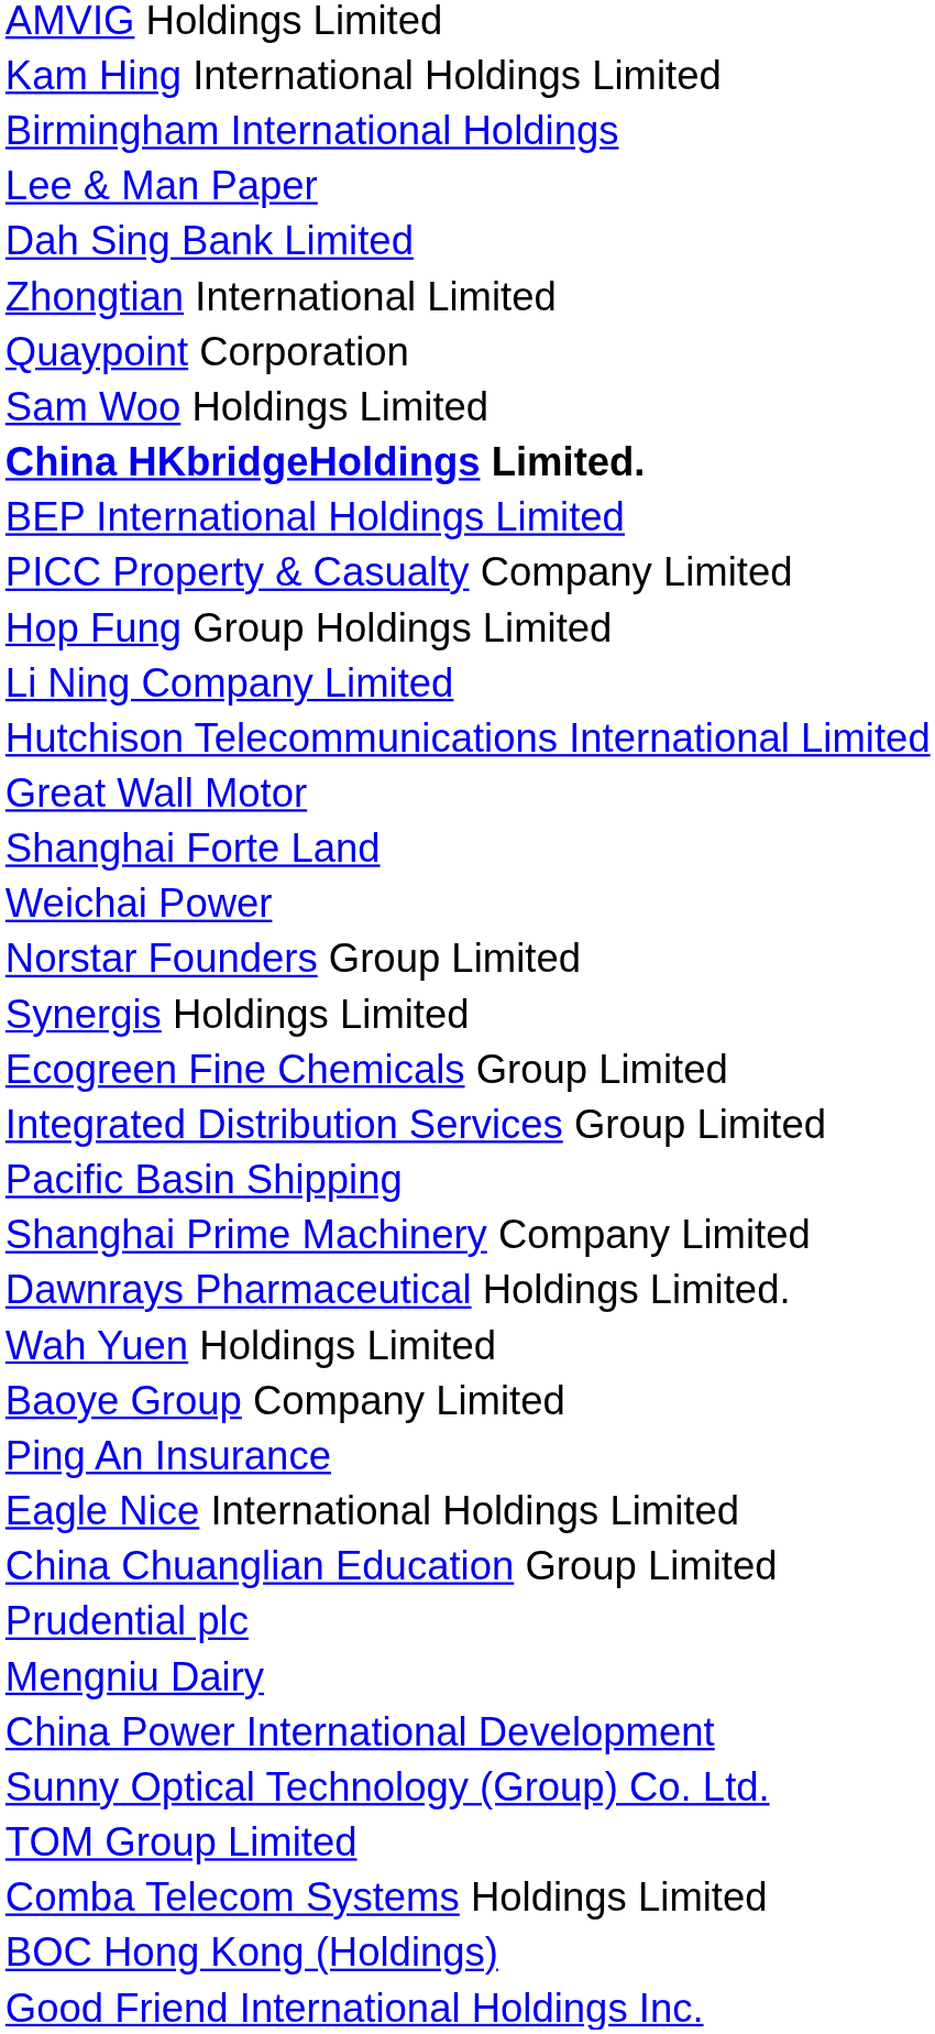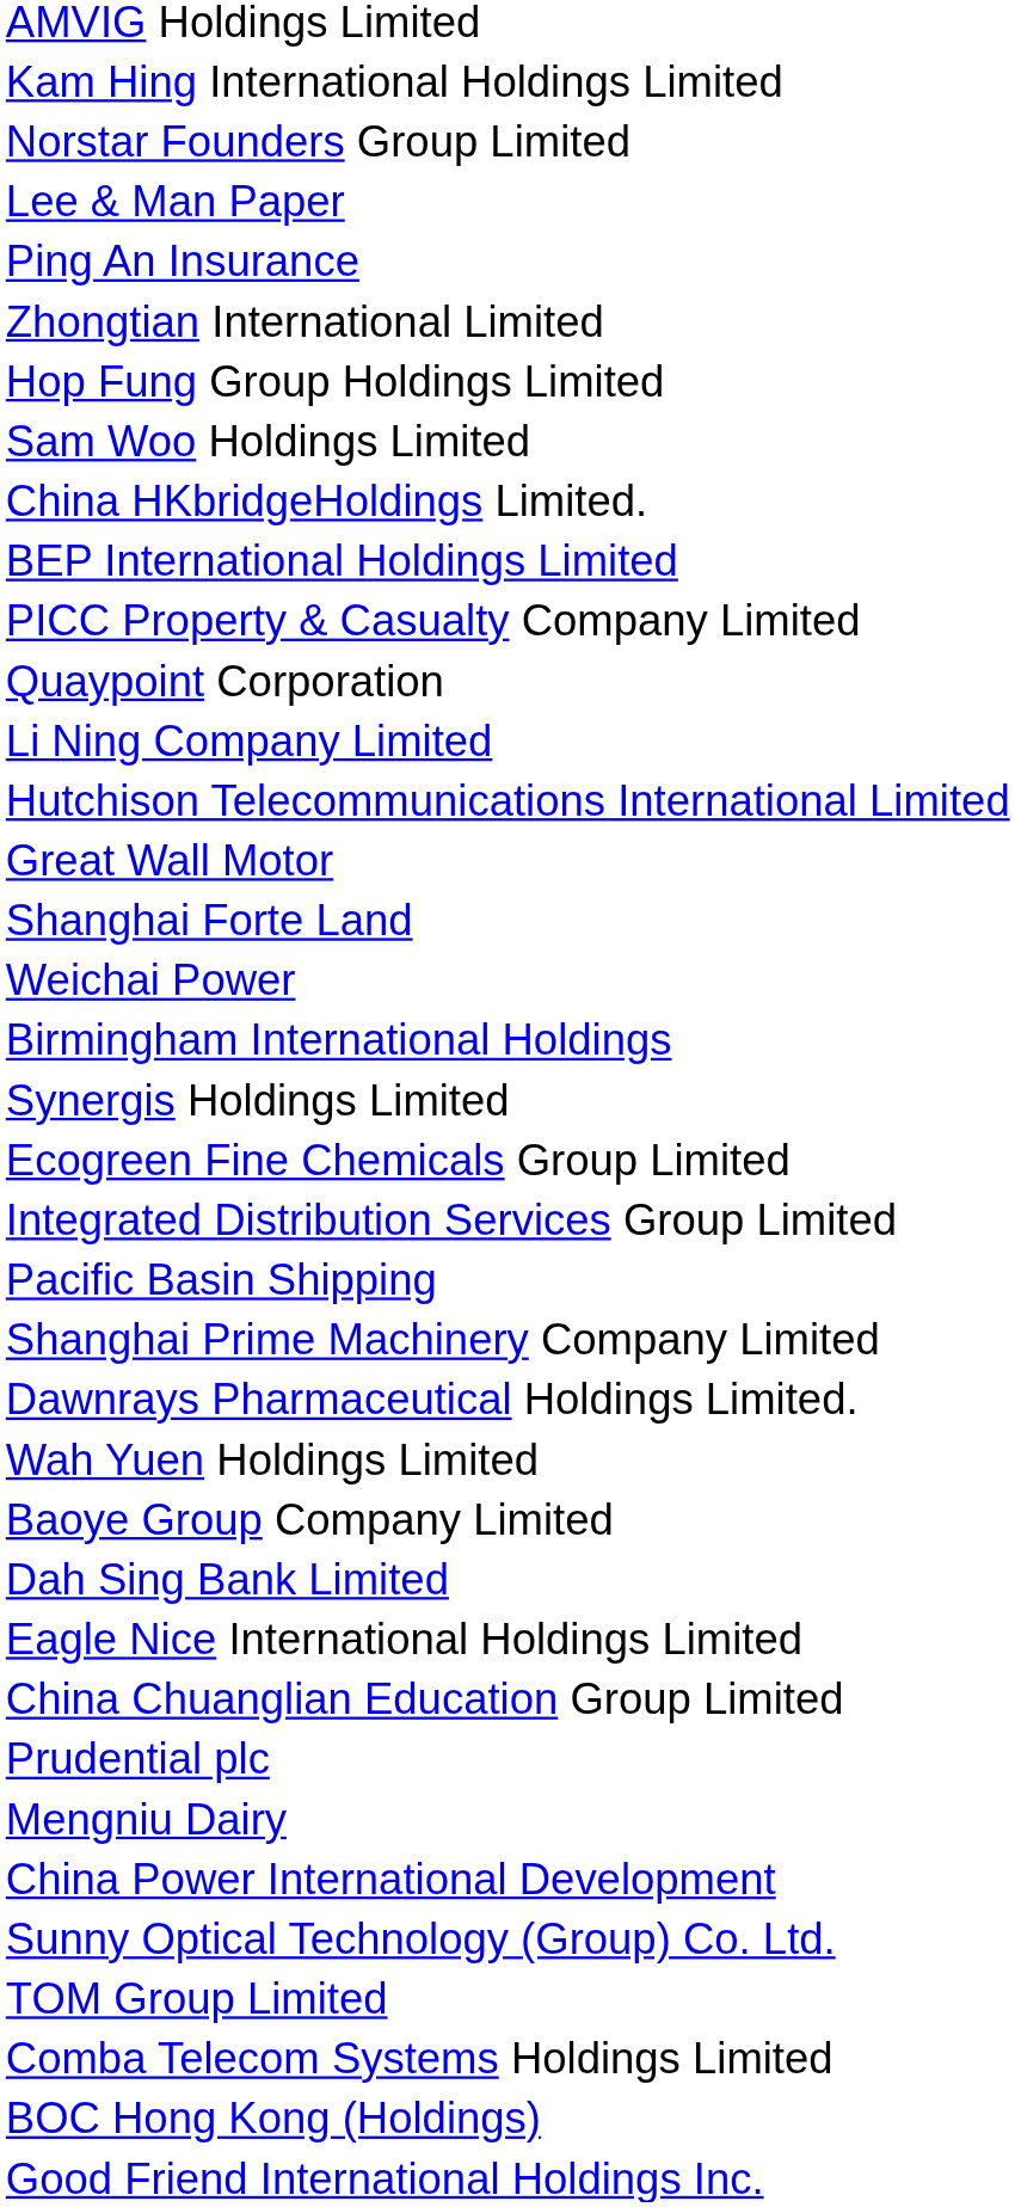 <table>
 <tr>
 <td> <a href='#'>AMVIG</a> Holdings Limited</td>
 </tr>
 <tr>
 <td> <a href='#'>Kam Hing</a> International Holdings Limited</td>
 </tr>
 <tr>
-<td> <a href='#'>Birmingham International Holdings</a></td>
+<td> <a href='#'>Norstar Founders</a> Group Limited</td>
 </tr>
 <tr>
 <td> <a href='#'>Lee & Man Paper</a></td>
 </tr>
 <tr>
-<td> <a href='#'>Dah Sing Bank Limited</a></td>
+<td> <a href='#'>Ping An Insurance</a></td>
 </tr>
 <tr>
 <td> <a href='#'>Zhongtian</a> International Limited</td>
 </tr>
 <tr>
-<td> <a href='#'>Quaypoint</a> Corporation</td>
+<td> <a href='#'>Hop Fung</a> Group Holdings Limited</td>
 </tr>
 <tr>
 <td> <a href='#'>Sam Woo</a> Holdings Limited</td>
 </tr>
 <tr>
-<td><strong> <a href='#'>China HKbridgeHoldings</a> Limited.</strong></td>
+<td> <a href='#'>China HKbridgeHoldings</a> Limited.</td>
 </tr>
 <tr>
 <td> <a href='#'>BEP International Holdings Limited</a></td>
 </tr>
 <tr>
 <td> <a href='#'>PICC Property & Casualty</a> Company Limited</td>
 </tr>
 <tr>
-<td> <a href='#'>Hop Fung</a> Group Holdings Limited</td>
+<td> <a href='#'>Quaypoint</a> Corporation</td>
 </tr>
 <tr>
 <td> <a href='#'>Li Ning Company Limited</a></td>
 </tr>
 <tr>
 <td> <a href='#'>Hutchison Telecommunications International Limited</a></td>
 </tr>
 <tr>
 <td> <a href='#'>Great Wall Motor</a></td>
 </tr>
 <tr>
 <td> <a href='#'>Shanghai Forte Land</a></td>
 </tr>
 <tr>
 <td> <a href='#'>Weichai Power</a></td>
 </tr>
 <tr>
-<td> <a href='#'>Norstar Founders</a> Group Limited</td>
+<td> <a href='#'>Birmingham International Holdings</a></td>
 </tr>
 <tr>
 <td> <a href='#'>Synergis</a> Holdings Limited</td>
 </tr>
 <tr>
 <td> <a href='#'>Ecogreen Fine Chemicals</a> Group Limited</td>
 </tr>
 <tr>
 <td> <a href='#'>Integrated Distribution Services</a> Group Limited</td>
 </tr>
 <tr>
 <td> <a href='#'>Pacific Basin Shipping</a></td>
 </tr>
 <tr>
 <td> <a href='#'>Shanghai Prime Machinery</a> Company Limited</td>
 </tr>
 <tr>
 <td> <a href='#'>Dawnrays Pharmaceutical</a> Holdings Limited.</td>
 </tr>
 <tr>
 <td> <a href='#'>Wah Yuen</a> Holdings Limited</td>
 </tr>
 <tr>
 <td> <a href='#'>Baoye Group</a> Company Limited</td>
 </tr>
 <tr>
-<td> <a href='#'>Ping An Insurance</a></td>
+<td> <a href='#'>Dah Sing Bank Limited</a></td>
 </tr>
 <tr>
 <td> <a href='#'>Eagle Nice</a> International Holdings Limited</td>
 </tr>
 <tr>
 <td> <a href='#'>China Chuanglian Education</a> Group Limited</td>
 </tr>
 <tr>
 <td> <a href='#'>Prudential plc</a></td>
 </tr>
 <tr>
 <td> <a href='#'>Mengniu Dairy</a></td>
 </tr>
 <tr>
 <td> <a href='#'>China Power International Development</a></td>
 </tr>
 <tr>
 <td> <a href='#'>Sunny Optical Technology (Group) Co. Ltd.</a></td>
 </tr>
 <tr>
 <td> <a href='#'>TOM Group Limited</a></td>
 </tr>
 <tr>
 <td> <a href='#'>Comba Telecom Systems</a> Holdings Limited</td>
 </tr>
 <tr>
 <td> <a href='#'>BOC Hong Kong (Holdings)</a></td>
 </tr>
 <tr>
 <td> <a href='#'>Good Friend International Holdings Inc.</a></td>
 </tr>
 </table>
